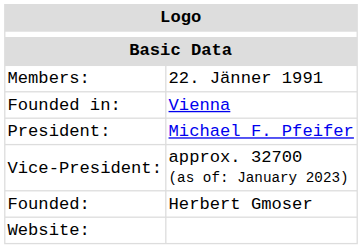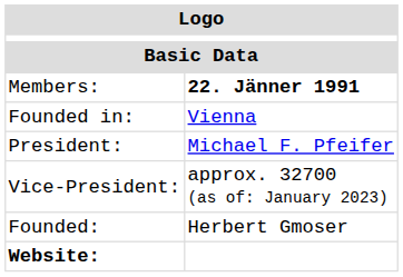 <table border="0" cellpadding="2" cellspacing="1" align="right" style="margin-left:1em; background:#DDDDDD;">
 <tr>
 <th colspan="2">Logo</th>
 </tr>
 <tr bgcolor="#FFFFFF">
 <td colspan="2" align="center"></td>
 </tr>
 <tr>
 <th colspan="2" align=center>Basic Data</th>
 </tr>
 <tr>
 </tr>
 <tr bgcolor="#FFFFFF">
 <td>Members:</td>
-<td>22. Jänner 1991</td>
+<td><strong>22. Jänner 1991</strong></td>
 </tr>
 <tr bgcolor="#FFFFFF">
 <td>Founded in:</td>
 <td><a href='#'>Vienna</a></td>
 </tr>
 <tr bgcolor="#FFFFFF">
 <td>President:</td>
 <td><a href='#'>Michael F. Pfeifer</a></td>
 </tr>
 <tr bgcolor="#FFFFFF">
 <td>Vice-President:</td>
 <td>approx. 32700<br><small>(as of: January 2023)</small></td>
 </tr>
 <tr bgcolor="#FFFFFF">
 <td>Founded:</td>
 <td>Herbert Gmoser</td>
 </tr>
 <tr bgcolor="#FFFFFF">
-<td>Website:</td>
+<td><strong>Website:</strong></td>
 <td></td>
 </tr>
 </table>
